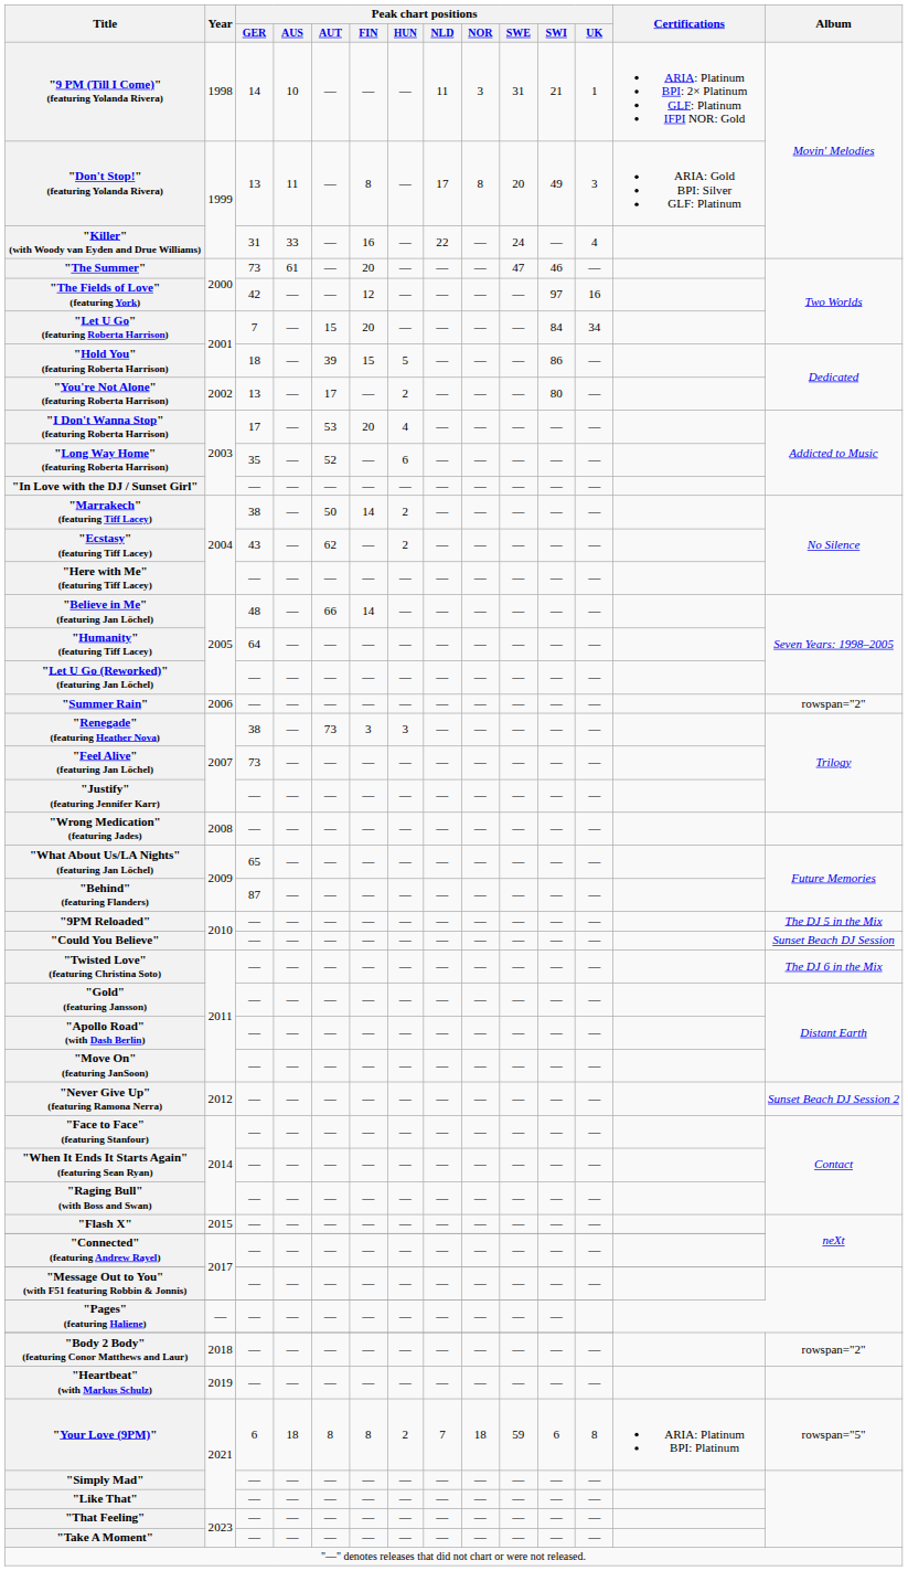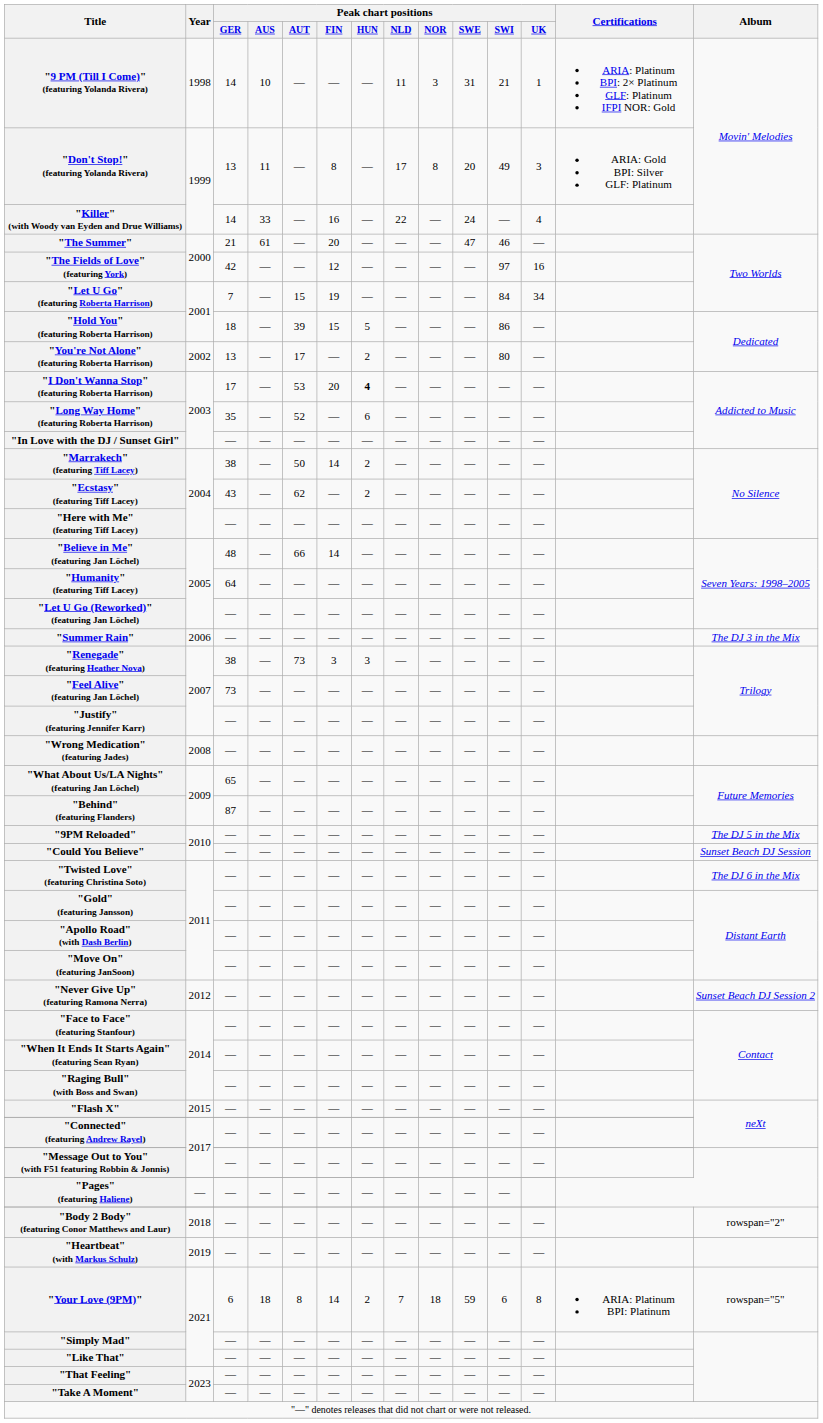 <table class="wikitable plainrowheaders" style="text-align:center;">
 <tr>
 <th scope="col" rowspan="2" style="width:16em;">Title</th>
 <th scope="col" rowspan="2">Year</th>
 <th scope="col" colspan="10">Peak chart positions</th>
 <th scope="col" rowspan="2" style="width:12em;"><a href='#'>Certifications</a></th>
 <th scope="col" rowspan="2">Album</th>
 </tr>
 <tr>
 <th style="width:3em;font-size:90%"><a href='#'>GER</a><br></th>
 <th style="width:3em;font-size:90%"><a href='#'>AUS</a><br></th>
 <th style="width:3em;font-size:90%"><a href='#'>AUT</a><br></th>
 <th style="width:3em;font-size:90%"><a href='#'>FIN</a><br></th>
 <th style="width:3em;font-size:85%"><a href='#'>HUN</a><br></th>
 <th style="width:3em;font-size:90%"><a href='#'>NLD</a><br></th>
 <th style="width:3em;font-size:90%"><a href='#'>NOR</a><br></th>
 <th style="width:3em;font-size:90%"><a href='#'>SWE</a><br></th>
 <th style="width:3em;font-size:90%"><a href='#'>SWI</a><br></th>
 <th style="width:3em;font-size:90%"><a href='#'>UK</a><br></th>
 </tr>
 <tr>
 <th scope="row">"<a href='#'>9 PM (Till I Come)</a>" <br><small>(featuring Yolanda Rivera)</small></th>
 <td>1998</td>
 <td>14</td>
 <td>10</td>
 <td>—</td>
 <td>—</td>
 <td>—</td>
 <td>11</td>
 <td>3</td>
 <td>31</td>
 <td>21</td>
 <td>1</td>
 <td><br><ul><li><a href='#'>ARIA</a>: Platinum</li><li><a href='#'>BPI</a>: 2× Platinum</li><li><a href='#'>GLF</a>: Platinum</li><li><a href='#'>IFPI</a> NOR: Gold</li></ul></td>
 <td rowspan=3><em><a href='#'>Movin' Melodies</a></em></td>
 </tr>
 <tr>
 <th scope="row">"<a href='#'>Don't Stop!</a>"<br><small>(featuring Yolanda Rivera)</small></th>
 <td rowspan=2>1999</td>
 <td>13</td>
 <td>11</td>
 <td>—</td>
 <td>8</td>
 <td>—</td>
 <td>17</td>
 <td>8</td>
 <td>20</td>
 <td>49</td>
 <td>3</td>
 <td><br><ul><li>ARIA: Gold</li><li>BPI: Silver</li><li>GLF: Platinum</li></ul></td>
 </tr>
 <tr>
 <th scope="row">"<a href='#'>Killer</a>"<br><small>(with Woody van Eyden and Drue Williams)</small></th>
-<td>31</td>
+<td>14</td>
 <td>33</td>
 <td>—</td>
 <td>16</td>
 <td>—</td>
 <td>22</td>
 <td>—</td>
 <td>24</td>
 <td>—</td>
 <td>4</td>
 <td></td>
 </tr>
 <tr>
 <th scope="row">"<a href='#'>The Summer</a>"</th>
 <td rowspan=2>2000</td>
-<td>73</td>
+<td>21</td>
 <td>61</td>
 <td>—</td>
 <td>20</td>
 <td>—</td>
 <td>—</td>
 <td>—</td>
 <td>47</td>
 <td>46</td>
 <td>—</td>
 <td></td>
 <td rowspan=3><em><a href='#'>Two Worlds</a></em></td>
 </tr>
 <tr>
 <th scope="row">"<a href='#'>The Fields of Love</a>" <br><small>(featuring <a href='#'>York</a>)</small></th>
 <td>42</td>
 <td>—</td>
 <td>—</td>
 <td>12</td>
 <td>—</td>
 <td>—</td>
 <td>—</td>
 <td>—</td>
 <td>97</td>
 <td>16</td>
 <td></td>
 </tr>
 <tr>
 <th scope="row">"<a href='#'>Let U Go</a>"<br><small>(featuring <a href='#'>Roberta Harrison</a>)</small></th>
 <td rowspan=2>2001</td>
 <td>7</td>
 <td>—</td>
 <td>15</td>
-<td>20</td>
+<td>19</td>
 <td>—</td>
 <td>—</td>
 <td>—</td>
 <td>—</td>
 <td>84</td>
 <td>34</td>
 <td></td>
 </tr>
 <tr>
 <th scope="row">"<a href='#'>Hold You</a>"<br><small>(featuring Roberta Harrison)</small></th>
 <td>18</td>
 <td>—</td>
 <td>39</td>
 <td>15</td>
 <td>5</td>
 <td>—</td>
 <td>—</td>
 <td>—</td>
 <td>86</td>
 <td>—</td>
 <td></td>
 <td rowspan=2><em><a href='#'>Dedicated</a></em></td>
 </tr>
 <tr>
 <th scope="row">"<a href='#'>You're Not Alone</a>"<br><small>(featuring Roberta Harrison)</small></th>
 <td>2002</td>
 <td>13</td>
 <td>—</td>
 <td>17</td>
 <td>—</td>
 <td>2</td>
 <td>—</td>
 <td>—</td>
 <td>—</td>
 <td>80</td>
 <td>—</td>
 <td></td>
 </tr>
 <tr>
 <th scope="row">"<a href='#'>I Don't Wanna Stop</a>"<br><small>(featuring Roberta Harrison)</small></th>
 <td rowspan=3>2003</td>
 <td>17</td>
 <td>—</td>
 <td>53</td>
 <td>20</td>
-<td>4</td>
+<td><strong>4</strong></td>
 <td>—</td>
 <td>—</td>
 <td>—</td>
 <td>—</td>
 <td>—</td>
 <td></td>
 <td rowspan=3><em><a href='#'>Addicted to Music</a></em></td>
 </tr>
 <tr>
 <th scope="row">"<a href='#'>Long Way Home</a>"<br><small>(featuring Roberta Harrison)</small></th>
 <td>35</td>
 <td>—</td>
 <td>52</td>
 <td>—</td>
 <td>6</td>
 <td>—</td>
 <td>—</td>
 <td>—</td>
 <td>—</td>
 <td>—</td>
 <td></td>
 </tr>
 <tr>
 <th scope="row">"In Love with the DJ / Sunset Girl"</th>
 <td>—</td>
 <td>—</td>
 <td>—</td>
 <td>—</td>
 <td>—</td>
 <td>—</td>
 <td>—</td>
 <td>—</td>
 <td>—</td>
 <td>—</td>
 <td></td>
 </tr>
 <tr>
 <th scope="row">"<a href='#'>Marrakech</a>" <br><small>(featuring <a href='#'>Tiff Lacey</a>)</small></th>
 <td rowspan=3>2004</td>
 <td>38</td>
 <td>—</td>
 <td>50</td>
 <td>14</td>
 <td>2</td>
 <td>—</td>
 <td>—</td>
 <td>—</td>
 <td>—</td>
 <td>—</td>
 <td></td>
 <td rowspan=3><em><a href='#'>No Silence</a></em></td>
 </tr>
 <tr>
 <th scope="row">"<a href='#'>Ecstasy</a>"<br><small>(featuring Tiff Lacey)</small></th>
 <td>43</td>
 <td>—</td>
 <td>62</td>
 <td>—</td>
 <td>2</td>
 <td>—</td>
 <td>—</td>
 <td>—</td>
 <td>—</td>
 <td>—</td>
 <td></td>
 </tr>
 <tr>
 <th scope="row">"Here with Me"<br><small>(featuring Tiff Lacey)</small></th>
 <td>—</td>
 <td>—</td>
 <td>—</td>
 <td>—</td>
 <td>—</td>
 <td>—</td>
 <td>—</td>
 <td>—</td>
 <td>—</td>
 <td>—</td>
 <td></td>
 </tr>
 <tr>
 <th scope="row">"<a href='#'>Believe in Me</a>"<br><small>(featuring Jan Löchel)</small></th>
 <td rowspan=3>2005</td>
 <td>48</td>
 <td>—</td>
 <td>66</td>
 <td>14</td>
 <td>—</td>
 <td>—</td>
 <td>—</td>
 <td>—</td>
 <td>—</td>
 <td>—</td>
 <td></td>
 <td rowspan=3><em><a href='#'>Seven Years: 1998–2005</a></em></td>
 </tr>
 <tr>
 <th scope="row">"<a href='#'>Humanity</a>" <br><small>(featuring Tiff Lacey)</small></th>
 <td>64</td>
 <td>—</td>
 <td>—</td>
 <td>—</td>
 <td>—</td>
 <td>—</td>
 <td>—</td>
 <td>—</td>
 <td>—</td>
 <td>—</td>
 </tr>
 <tr>
 <th scope="row">"<a href='#'>Let U Go (Reworked)</a>"<br><small>(featuring Jan Löchel)</small></th>
 <td>—</td>
 <td>—</td>
 <td>—</td>
 <td>—</td>
 <td>—</td>
 <td>—</td>
 <td>—</td>
 <td>—</td>
 <td>—</td>
 <td>—</td>
 <td></td>
 </tr>
 <tr>
 <th scope="row">"<a href='#'>Summer Rain</a>"</th>
 <td>2006</td>
 <td>—</td>
 <td>—</td>
 <td>—</td>
 <td>—</td>
 <td>—</td>
 <td>—</td>
 <td>—</td>
 <td>—</td>
 <td>—</td>
 <td>—</td>
 <td></td>
-<td>rowspan="2" </td>
+<td><em><a href='#'>The DJ 3 in the Mix</a></em></td>
 </tr>
 <tr>
 <th scope="row">"<a href='#'>Renegade</a>"<br><small>(featuring <a href='#'>Heather Nova</a>)</small></th>
 <td rowspan=3>2007</td>
 <td>38</td>
 <td>—</td>
 <td>73</td>
 <td>3</td>
 <td>3</td>
 <td>—</td>
 <td>—</td>
 <td>—</td>
 <td>—</td>
 <td>—</td>
 <td></td>
 <td rowspan=3><em><a href='#'>Trilogy</a></em></td>
 </tr>
 <tr>
 <th scope="row">"<a href='#'>Feel Alive</a>"<br><small>(featuring Jan Löchel)</small></th>
 <td>73</td>
 <td>—</td>
 <td>—</td>
 <td>—</td>
 <td>—</td>
 <td>—</td>
 <td>—</td>
 <td>—</td>
 <td>—</td>
 <td>—</td>
 <td></td>
 </tr>
 <tr>
 <th scope="row">"Justify"<br><small>(featuring Jennifer Karr)</small></th>
 <td>—</td>
 <td>—</td>
 <td>—</td>
 <td>—</td>
 <td>—</td>
 <td>—</td>
 <td>—</td>
 <td>—</td>
 <td>—</td>
 <td>—</td>
 <td></td>
 </tr>
 <tr>
 <th scope="row">"Wrong Medication"<br><small>(featuring Jades)</small></th>
 <td>2008</td>
 <td>—</td>
 <td>—</td>
 <td>—</td>
 <td>—</td>
 <td>—</td>
 <td>—</td>
 <td>—</td>
 <td>—</td>
 <td>—</td>
 <td>—</td>
 <td></td>
 <td></td>
 </tr>
 <tr>
 <th scope="row">"What About Us/LA Nights"<br><small>(featuring Jan Löchel)</small></th>
 <td rowspan=2>2009</td>
 <td>65</td>
 <td>—</td>
 <td>—</td>
 <td>—</td>
 <td>—</td>
 <td>—</td>
 <td>—</td>
 <td>—</td>
 <td>—</td>
 <td>—</td>
 <td></td>
 <td rowspan="2"><em><a href='#'>Future Memories</a></em></td>
 </tr>
 <tr>
 <th scope="row">"Behind"<br><small>(featuring Flanders)</small></th>
 <td>87</td>
 <td>—</td>
 <td>—</td>
 <td>—</td>
 <td>—</td>
 <td>—</td>
 <td>—</td>
 <td>—</td>
 <td>—</td>
 <td>—</td>
 <td></td>
 </tr>
 <tr>
 <th scope="row">"9PM Reloaded"</th>
 <td rowspan=2>2010</td>
 <td>—</td>
 <td>—</td>
 <td>—</td>
 <td>—</td>
 <td>—</td>
 <td>—</td>
 <td>—</td>
 <td>—</td>
 <td>—</td>
 <td>—</td>
 <td></td>
 <td><em><a href='#'>The DJ 5 in the Mix</a></em></td>
 </tr>
 <tr>
 <th scope="row">"Could You Believe"</th>
 <td>—</td>
 <td>—</td>
 <td>—</td>
 <td>—</td>
 <td>—</td>
 <td>—</td>
 <td>—</td>
 <td>—</td>
 <td>—</td>
 <td>—</td>
 <td></td>
 <td><em><a href='#'>Sunset Beach DJ Session</a></em></td>
 </tr>
 <tr>
 <th scope="row">"Twisted Love"<br><small>(featuring Christina Soto)</small></th>
 <td rowspan=4>2011</td>
 <td>—</td>
 <td>—</td>
 <td>—</td>
 <td>—</td>
 <td>—</td>
 <td>—</td>
 <td>—</td>
 <td>—</td>
 <td>—</td>
 <td>—</td>
 <td></td>
 <td><em><a href='#'>The DJ 6 in the Mix</a></em></td>
 </tr>
 <tr>
 <th scope="row">"Gold"<br><small>(featuring Jansson)</small></th>
 <td>—</td>
 <td>—</td>
 <td>—</td>
 <td>—</td>
 <td>—</td>
 <td>—</td>
 <td>—</td>
 <td>—</td>
 <td>—</td>
 <td>—</td>
 <td></td>
 <td rowspan=3><em><a href='#'>Distant Earth</a></em></td>
 </tr>
 <tr>
 <th scope="row">"Apollo Road"<br><small>(with <a href='#'>Dash Berlin</a>)</small></th>
 <td>—</td>
 <td>—</td>
 <td>—</td>
 <td>—</td>
 <td>—</td>
 <td>—</td>
 <td>—</td>
 <td>—</td>
 <td>—</td>
 <td>—</td>
 <td></td>
 </tr>
 <tr>
 <th scope="row">"Move On"<br><small>(featuring JanSoon)</small></th>
 <td>—</td>
 <td>—</td>
 <td>—</td>
 <td>—</td>
 <td>—</td>
 <td>—</td>
 <td>—</td>
 <td>—</td>
 <td>—</td>
 <td>—</td>
 <td></td>
 </tr>
 <tr>
 <th scope="row">"Never Give Up"<br><small>(featuring Ramona Nerra)</small></th>
 <td>2012</td>
 <td>—</td>
 <td>—</td>
 <td>—</td>
 <td>—</td>
 <td>—</td>
 <td>—</td>
 <td>—</td>
 <td>—</td>
 <td>—</td>
 <td>—</td>
 <td></td>
 <td><em><a href='#'>Sunset Beach DJ Session 2</a></em></td>
 </tr>
 <tr>
 <th scope="row">"Face to Face"<br><small>(featuring Stanfour)</small></th>
 <td rowspan=3>2014</td>
 <td>—</td>
 <td>—</td>
 <td>—</td>
 <td>—</td>
 <td>—</td>
 <td>—</td>
 <td>—</td>
 <td>—</td>
 <td>—</td>
 <td>—</td>
 <td></td>
 <td rowspan=3><em><a href='#'>Contact</a></em></td>
 </tr>
 <tr>
 <th scope="row">"When It Ends It Starts Again"<br><small>(featuring Sean Ryan)</small></th>
 <td>—</td>
 <td>—</td>
 <td>—</td>
 <td>—</td>
 <td>—</td>
 <td>—</td>
 <td>—</td>
 <td>—</td>
 <td>—</td>
 <td>—</td>
 <td></td>
 </tr>
 <tr>
 <th scope="row">"Raging Bull"<br><small>(with Boss and Swan)</small></th>
 <td>—</td>
 <td>—</td>
 <td>—</td>
 <td>—</td>
 <td>—</td>
 <td>—</td>
 <td>—</td>
 <td>—</td>
 <td>—</td>
 <td>—</td>
 <td></td>
 </tr>
 <tr>
 <th scope="row">"Flash X"</th>
 <td>2015</td>
 <td>—</td>
 <td>—</td>
 <td>—</td>
 <td>—</td>
 <td>—</td>
 <td>—</td>
 <td>—</td>
 <td>—</td>
 <td>—</td>
 <td>—</td>
 <td></td>
 <td rowspan="4"><em><a href='#'>neXt</a></em></td>
 </tr>
 <tr>
 </tr>
 <tr>
 <th scope="row">"Connected"<br><small>(featuring <a href='#'>Andrew Rayel</a>)</small></th>
 <td rowspan=3>2017</td>
 <td>—</td>
 <td>—</td>
 <td>—</td>
 <td>—</td>
 <td>—</td>
 <td>—</td>
 <td>—</td>
 <td>—</td>
 <td>—</td>
 <td>—</td>
 <td></td>
 </tr>
 <tr>
 </tr>
 <tr>
 <th scope="row">"Message Out to You"<br><small>(with F51 featuring Robbin & Jonnis)</small></th>
 <td>—</td>
 <td>—</td>
 <td>—</td>
 <td>—</td>
 <td>—</td>
 <td>—</td>
 <td>—</td>
 <td>—</td>
 <td>—</td>
 <td>—</td>
 <td></td>
 </tr>
 <tr>
 </tr>
 <tr>
 <th scope="row">"Pages"<br><small>(featuring <a href='#'>Haliene</a>)</small></th>
 <td>—</td>
 <td>—</td>
 <td>—</td>
 <td>—</td>
 <td>—</td>
 <td>—</td>
 <td>—</td>
 <td>—</td>
 <td>—</td>
 <td>—</td>
 <td></td>
 </tr>
 <tr>
 </tr>
 <tr>
 <th scope="row">"Body 2 Body"<br><small>(featuring Conor Matthews and Laur)</small></th>
 <td>2018</td>
 <td>—</td>
 <td>—</td>
 <td>—</td>
 <td>—</td>
 <td>—</td>
 <td>—</td>
 <td>—</td>
 <td>—</td>
 <td>—</td>
 <td>—</td>
 <td></td>
 <td>rowspan="2" </td>
 </tr>
 <tr>
 <th scope="row">"Heartbeat"<br><small>(with <a href='#'>Markus Schulz</a>)</small></th>
 <td>2019</td>
 <td>—</td>
 <td>—</td>
 <td>—</td>
 <td>—</td>
 <td>—</td>
 <td>—</td>
 <td>—</td>
 <td>—</td>
 <td>—</td>
 <td>—</td>
 <td></td>
 </tr>
 <tr>
 <th scope="row">"<a href='#'>Your Love (9PM)</a>"<br></th>
 <td rowspan="3">2021</td>
 <td>6</td>
 <td>18</td>
 <td>8</td>
-<td>8</td>
+<td>14<br></td>
 <td>2</td>
 <td>7</td>
 <td>18<br></td>
 <td>59</td>
 <td>6</td>
 <td>8</td>
 <td><br><ul><li>ARIA: Platinum</li><li>BPI: Platinum</li></ul></td>
 <td>rowspan="5" </td>
 </tr>
 <tr>
 <th scope="row">"Simply Mad" <br></th>
 <td>—</td>
 <td>—</td>
 <td>—</td>
 <td>—</td>
 <td>—</td>
 <td>—</td>
 <td>—</td>
 <td>—</td>
 <td>—</td>
 <td>—</td>
 <td></td>
 </tr>
 <tr>
 <th scope="row">"Like That" <br></th>
 <td>—</td>
 <td>—</td>
 <td>—</td>
 <td>—</td>
 <td>—</td>
 <td>—</td>
 <td>—</td>
 <td>—</td>
 <td>—</td>
 <td>—</td>
 <td></td>
 </tr>
 <tr>
 <th scope="row">"That Feeling" <br></th>
 <td rowspan="2">2023</td>
 <td>—</td>
 <td>—</td>
 <td>—</td>
 <td>—</td>
 <td>—</td>
 <td>—</td>
 <td>—</td>
 <td>—</td>
 <td>—</td>
 <td>—</td>
 <td></td>
 </tr>
 <tr>
 <th scope="row">"Take A Moment" <br></th>
 <td>—</td>
 <td>—</td>
 <td>—</td>
 <td>—</td>
 <td>—</td>
 <td>—</td>
 <td>—</td>
 <td>—</td>
 <td>—</td>
 <td>—</td>
 <td></td>
 </tr>
 <tr>
 <td colspan="15" style="text-align:center; font-size:90%;">"—" denotes releases that did not chart or were not released.</td>
 </tr>
 </table>
